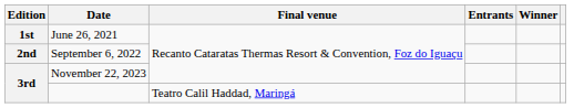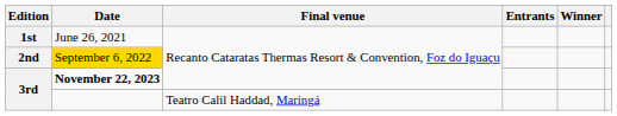 <table class="wikitable defaultcenter col2left col3left col5left" style="font-size:95%;">
 <tr>
 <th>Edition</th>
 <th>Date</th>
 <th>Final venue</th>
 <th>Entrants</th>
 <th>Winner</th>
 <th></th>
 </tr>
 <tr>
 <th>1st</th>
 <td>June 26, 2021</td>
 <td rowspan=3>Recanto Cataratas Thermas Resort & Convention, <a href='#'>Foz do Iguaçu</a></td>
 <td></td>
 <td></td>
 <td></td>
 </tr>
 <tr>
 <th>2nd</th>
-<td>September 6, 2022</td>
+<td style="background: gold;">September 6, 2022</td>
 <td></td>
 <td></td>
 <td></td>
 </tr>
 <tr>
 <th rowspan=2>3rd</th>
-<td>November 22, 2023</td>
+<td><strong>November 22, 2023</strong></td>
 <td></td>
 <td></td>
 <td></td>
 </tr>
 <tr>
 <td></td>
 <td>Teatro Calil Haddad, <a href='#'>Maringá</a></td>
 <td></td>
 <td></td>
 <td></td>
 </tr>
 </table>
